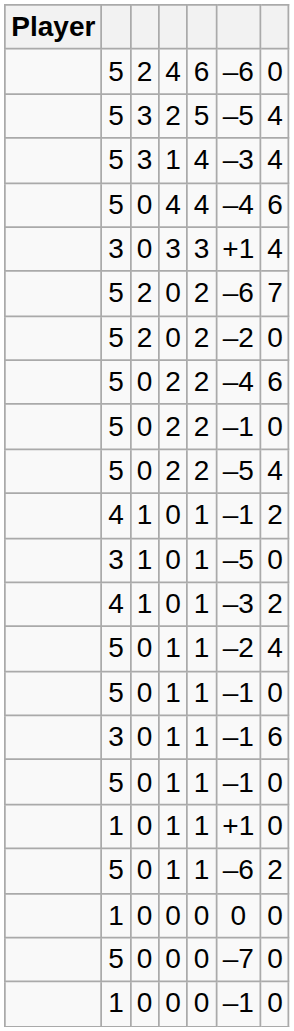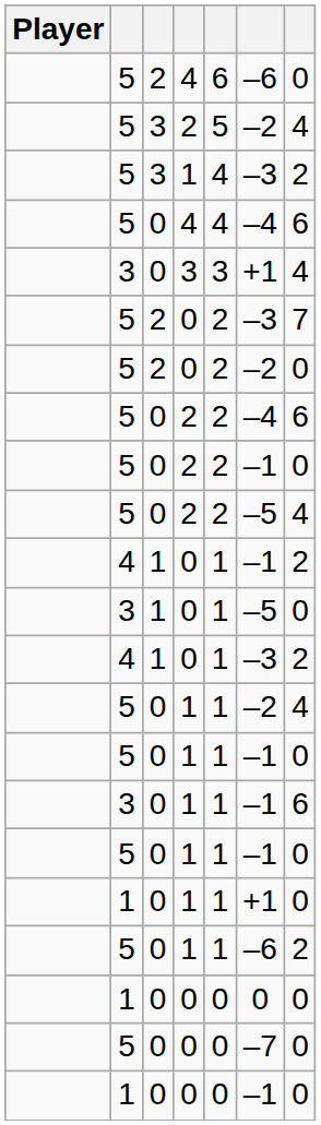 <table class="wikitable sortable" style="text-align:center;">
 <tr>
 <th>Player</th>
 <th></th>
 <th></th>
 <th></th>
 <th></th>
 <th data-sort-type="number"></th>
 <th></th>
 </tr>
 <tr>
 <td></td>
 <td>5</td>
 <td>2</td>
 <td>4</td>
 <td>6</td>
 <td>–6</td>
 <td>0</td>
 </tr>
 <tr>
 <td></td>
 <td>5</td>
 <td>3</td>
 <td>2</td>
 <td>5</td>
-<td>–5</td>
+<td>–2</td>
 <td>4</td>
 </tr>
 <tr>
 <td></td>
 <td>5</td>
 <td>3</td>
 <td>1</td>
 <td>4</td>
 <td>–3</td>
-<td>4</td>
+<td>2</td>
 </tr>
 <tr>
 <td></td>
 <td>5</td>
 <td>0</td>
 <td>4</td>
 <td>4</td>
 <td>–4</td>
 <td>6</td>
 </tr>
 <tr>
 <td></td>
 <td>3</td>
 <td>0</td>
 <td>3</td>
 <td>3</td>
 <td>+1</td>
 <td>4</td>
 </tr>
 <tr>
 <td></td>
 <td>5</td>
 <td>2</td>
 <td>0</td>
 <td>2</td>
-<td>–6</td>
+<td>–3</td>
 <td>7</td>
 </tr>
 <tr>
 <td></td>
 <td>5</td>
 <td>2</td>
 <td>0</td>
 <td>2</td>
 <td>–2</td>
 <td>0</td>
 </tr>
 <tr>
 <td></td>
 <td>5</td>
 <td>0</td>
 <td>2</td>
 <td>2</td>
 <td>–4</td>
 <td>6</td>
 </tr>
 <tr>
 <td></td>
 <td>5</td>
 <td>0</td>
 <td>2</td>
 <td>2</td>
 <td>–1</td>
 <td>0</td>
 </tr>
 <tr>
 <td></td>
 <td>5</td>
 <td>0</td>
 <td>2</td>
 <td>2</td>
 <td>–5</td>
 <td>4</td>
 </tr>
 <tr>
 <td></td>
 <td>4</td>
 <td>1</td>
 <td>0</td>
 <td>1</td>
 <td>–1</td>
 <td>2</td>
 </tr>
 <tr>
 <td></td>
 <td>3</td>
 <td>1</td>
 <td>0</td>
 <td>1</td>
 <td>–5</td>
 <td>0</td>
 </tr>
 <tr>
 <td></td>
 <td>4</td>
 <td>1</td>
 <td>0</td>
 <td>1</td>
 <td>–3</td>
 <td>2</td>
 </tr>
 <tr>
 <td></td>
 <td>5</td>
 <td>0</td>
 <td>1</td>
 <td>1</td>
 <td>–2</td>
 <td>4</td>
 </tr>
 <tr>
 <td></td>
 <td>5</td>
 <td>0</td>
 <td>1</td>
 <td>1</td>
 <td>–1</td>
 <td>0</td>
 </tr>
 <tr>
 <td></td>
 <td>3</td>
 <td>0</td>
 <td>1</td>
 <td>1</td>
 <td>–1</td>
 <td>6</td>
 </tr>
 <tr>
 <td></td>
 <td>5</td>
 <td>0</td>
 <td>1</td>
 <td>1</td>
 <td>–1</td>
 <td>0</td>
 </tr>
 <tr>
 <td></td>
 <td>1</td>
 <td>0</td>
 <td>1</td>
 <td>1</td>
 <td>+1</td>
 <td>0</td>
 </tr>
 <tr>
 <td></td>
 <td>5</td>
 <td>0</td>
 <td>1</td>
 <td>1</td>
 <td>–6</td>
 <td>2</td>
 </tr>
 <tr>
 <td></td>
 <td>1</td>
 <td>0</td>
 <td>0</td>
 <td>0</td>
 <td>0</td>
 <td>0</td>
 </tr>
 <tr>
 <td></td>
 <td>5</td>
 <td>0</td>
 <td>0</td>
 <td>0</td>
 <td>–7</td>
 <td>0</td>
 </tr>
 <tr>
 <td></td>
 <td>1</td>
 <td>0</td>
 <td>0</td>
 <td>0</td>
 <td>–1</td>
 <td>0</td>
 </tr>
 </table>
